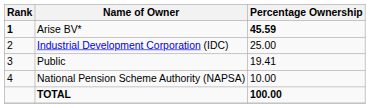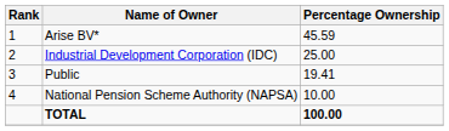 <table class="wikitable sortable" style="margin-left:auto;margin-right:auto">
 <tr>
 <th>Rank</th>
 <th>Name of Owner</th>
 <th>Percentage Ownership</th>
 </tr>
 <tr>
-<td><strong>1</strong></td>
+<td>1</td>
 <td>Arise BV*</td>
-<td><strong>45.59</strong></td>
+<td>45.59</td>
 </tr>
 <tr>
 <td>2</td>
 <td><a href='#'>Industrial Development Corporation</a> (IDC)</td>
 <td>25.00</td>
 </tr>
 <tr>
 <td>3</td>
 <td>Public</td>
 <td>19.41</td>
 </tr>
 <tr>
 <td>4</td>
 <td>National Pension Scheme Authority (NAPSA)</td>
 <td>10.00</td>
 </tr>
 <tr>
 <td></td>
 <td><strong>TOTAL</strong></td>
 <td><strong>100.00</strong></td>
 </tr>
 <tr>
 </tr>
 </table>
